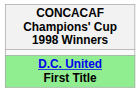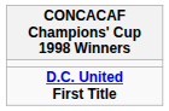 <table class="wikitable" style="text-align: center; margin: 0 auto; width: 20%">
 <tr>
 <th>CONCACAF Champions' Cup<br>1998 Winners</th>
 </tr>
 <tr>
 <td></td>
 </tr>
 <tr>
-<td style="background: lightgreen;"><strong><a href='#'>D.C. United</a></strong><br><strong>First Title</strong></td>
+<td><strong><a href='#'>D.C. United</a></strong><br><strong>First Title</strong></td>
 </tr>
 </table>
